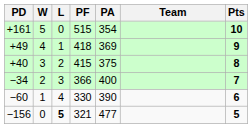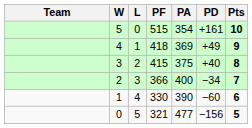 <table class="wikitable" style="text-align:center;">
 <tr>
-<th width=30>PD</th>
+<th width=150>Team</th>
 <th width=20>W</th>
 <th width=20>L</th>
 <th width=30>PF</th>
 <th width=30>PA</th>
-<th width=150>Team</th>
+<th width=30>PD</th>
 <th width=20>Pts</th>
 </tr>
 <tr bgcolor="#ccffcc">
-<td>+161</td>
+<td align="left"></td>
 <td>5</td>
 <td>0</td>
 <td>515</td>
 <td>354</td>
-<td align="left"></td>
+<td>+161</td>
 <td><strong>10</strong></td>
 </tr>
 <tr bgcolor="#ccffcc">
-<td>+49</td>
+<td align="left"></td>
 <td>4</td>
 <td>1</td>
 <td>418</td>
 <td>369</td>
-<td align="left"></td>
+<td>+49</td>
 <td><strong>9</strong></td>
 </tr>
 <tr bgcolor="#ccffcc">
-<td>+40</td>
+<td align="left"></td>
 <td>3</td>
 <td>2</td>
 <td>415</td>
 <td>375</td>
-<td align="left"></td>
+<td>+40</td>
 <td><strong>8</strong></td>
 </tr>
 <tr bgcolor="#ccffcc">
-<td>−34</td>
+<td align="left"></td>
 <td>2</td>
 <td>3</td>
 <td>366</td>
 <td>400</td>
-<td align="left"></td>
+<td>−34</td>
 <td><strong>7</strong></td>
 </tr>
 <tr>
-<td>−60</td>
+<td align="left"></td>
 <td>1</td>
 <td>4</td>
 <td>330</td>
 <td>390</td>
-<td align="left"></td>
+<td>−60</td>
 <td><strong>6</strong></td>
 </tr>
 <tr>
-<td>−156</td>
+<td align="left"></td>
 <td>0</td>
-<td><strong>5</strong></td>
+<td>5</td>
 <td>321</td>
 <td>477</td>
-<td align="left"></td>
+<td>−156</td>
 <td><strong>5</strong></td>
 </tr>
 </table>
